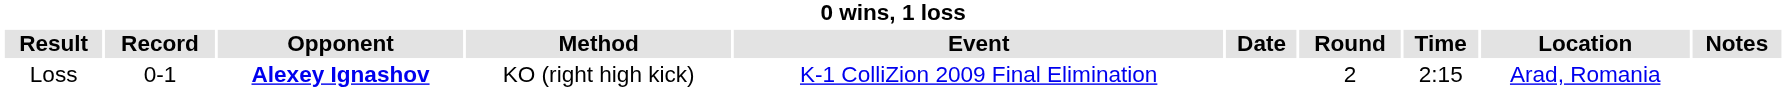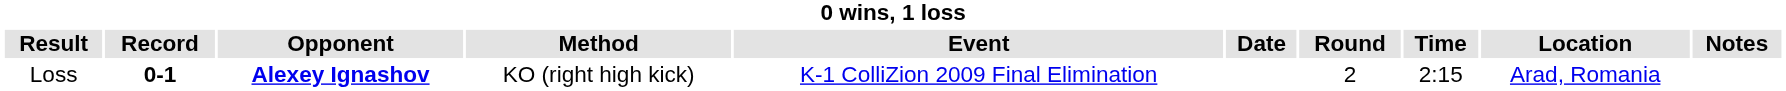 <table class="toccolours" width=100% style="clear:both; margin:1.5em auto; text-align:center;">
 <tr>
 <th colspan=10><strong>0 wins, 1 loss</strong></th>
 </tr>
 <tr style="background: #e3e3e3;">
 <th>Result</th>
 <th>Record</th>
 <th>Opponent</th>
 <th>Method</th>
 <th>Event</th>
 <th>Date</th>
 <th>Round</th>
 <th>Time</th>
 <th>Location</th>
 <th>Notes</th>
 </tr>
 <tr 19>
 <td>Loss</td>
-<td>0-1</td>
+<td><strong>0-1</strong></td>
 <td><strong> <a href='#'>Alexey Ignashov</a></strong></td>
 <td>KO (right high kick)</td>
 <td><a href='#'>K-1 ColliZion 2009 Final Elimination</a></td>
 <td></td>
 <td align="center">2</td>
 <td align="center">2:15</td>
 <td><a href='#'>Arad, Romania</a></td>
 <td></td>
 </tr>
 <tr>
 </tr>
 </table>
